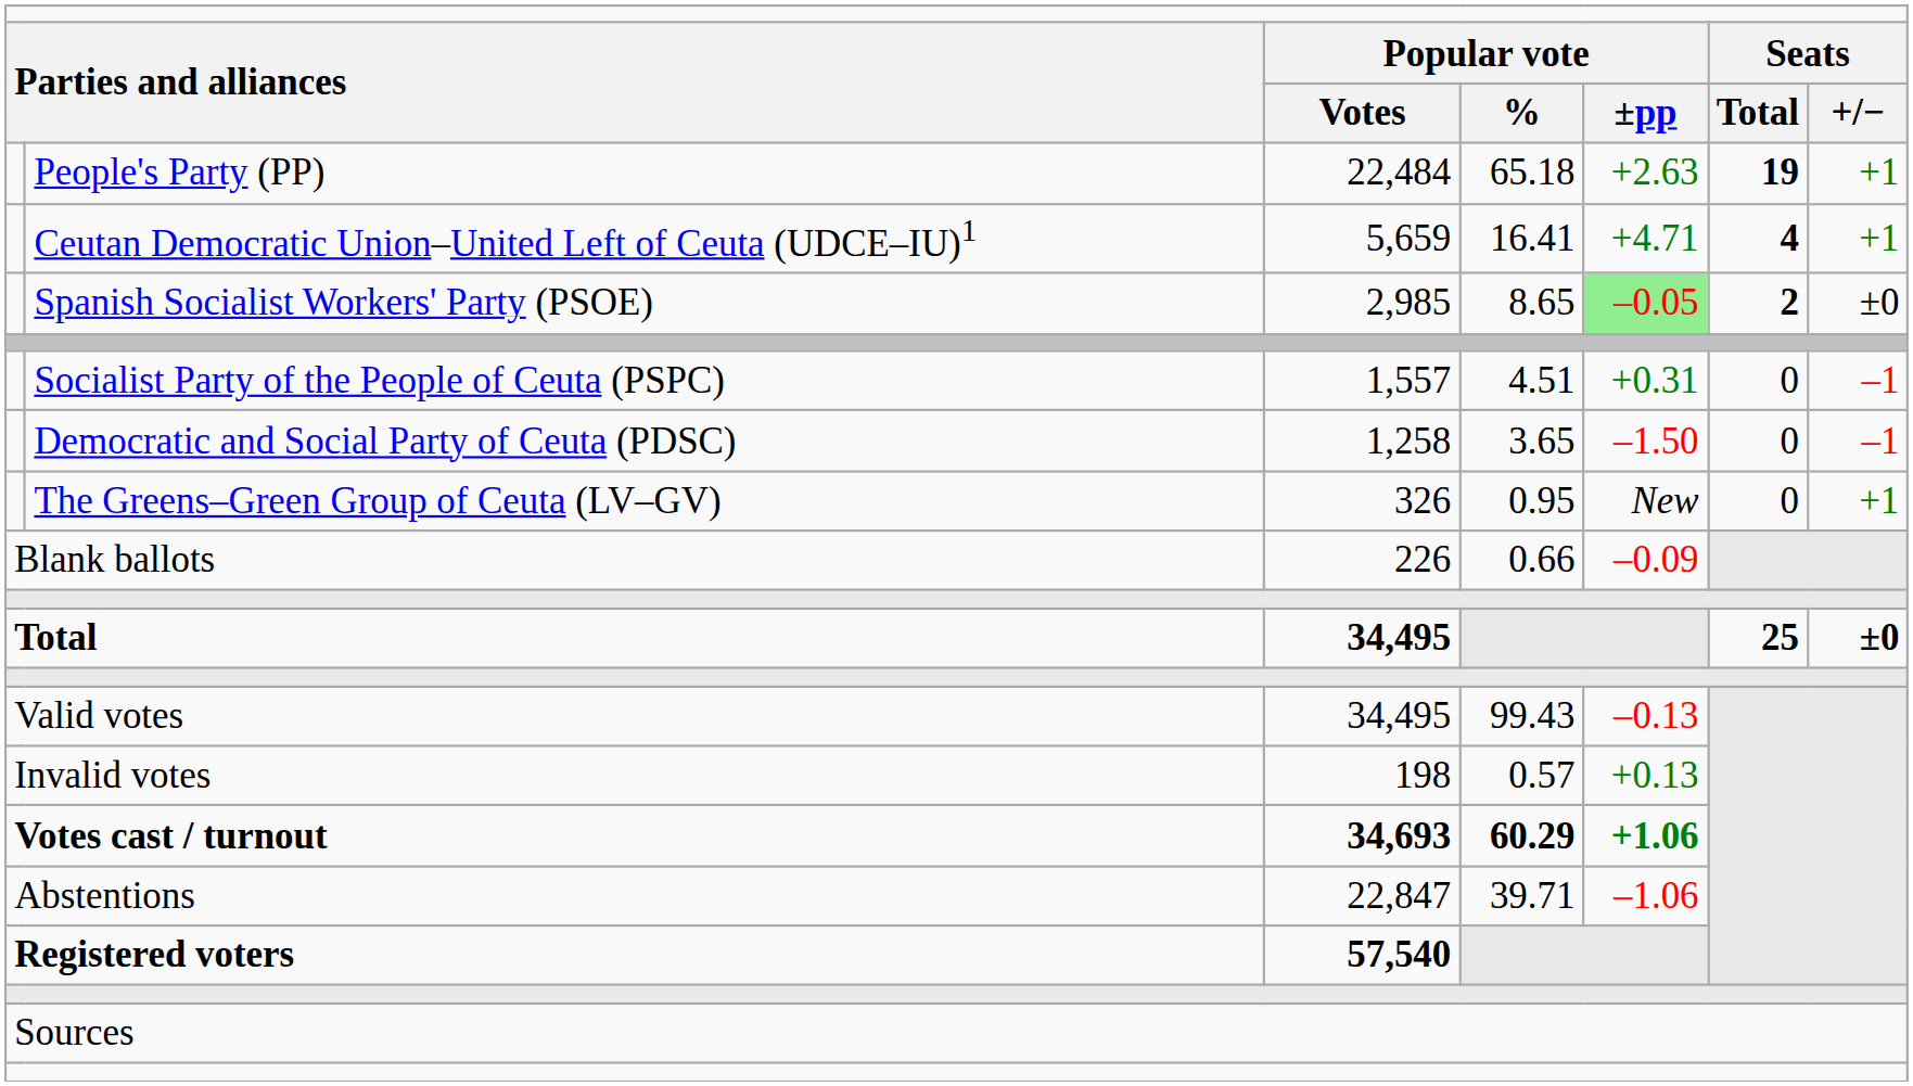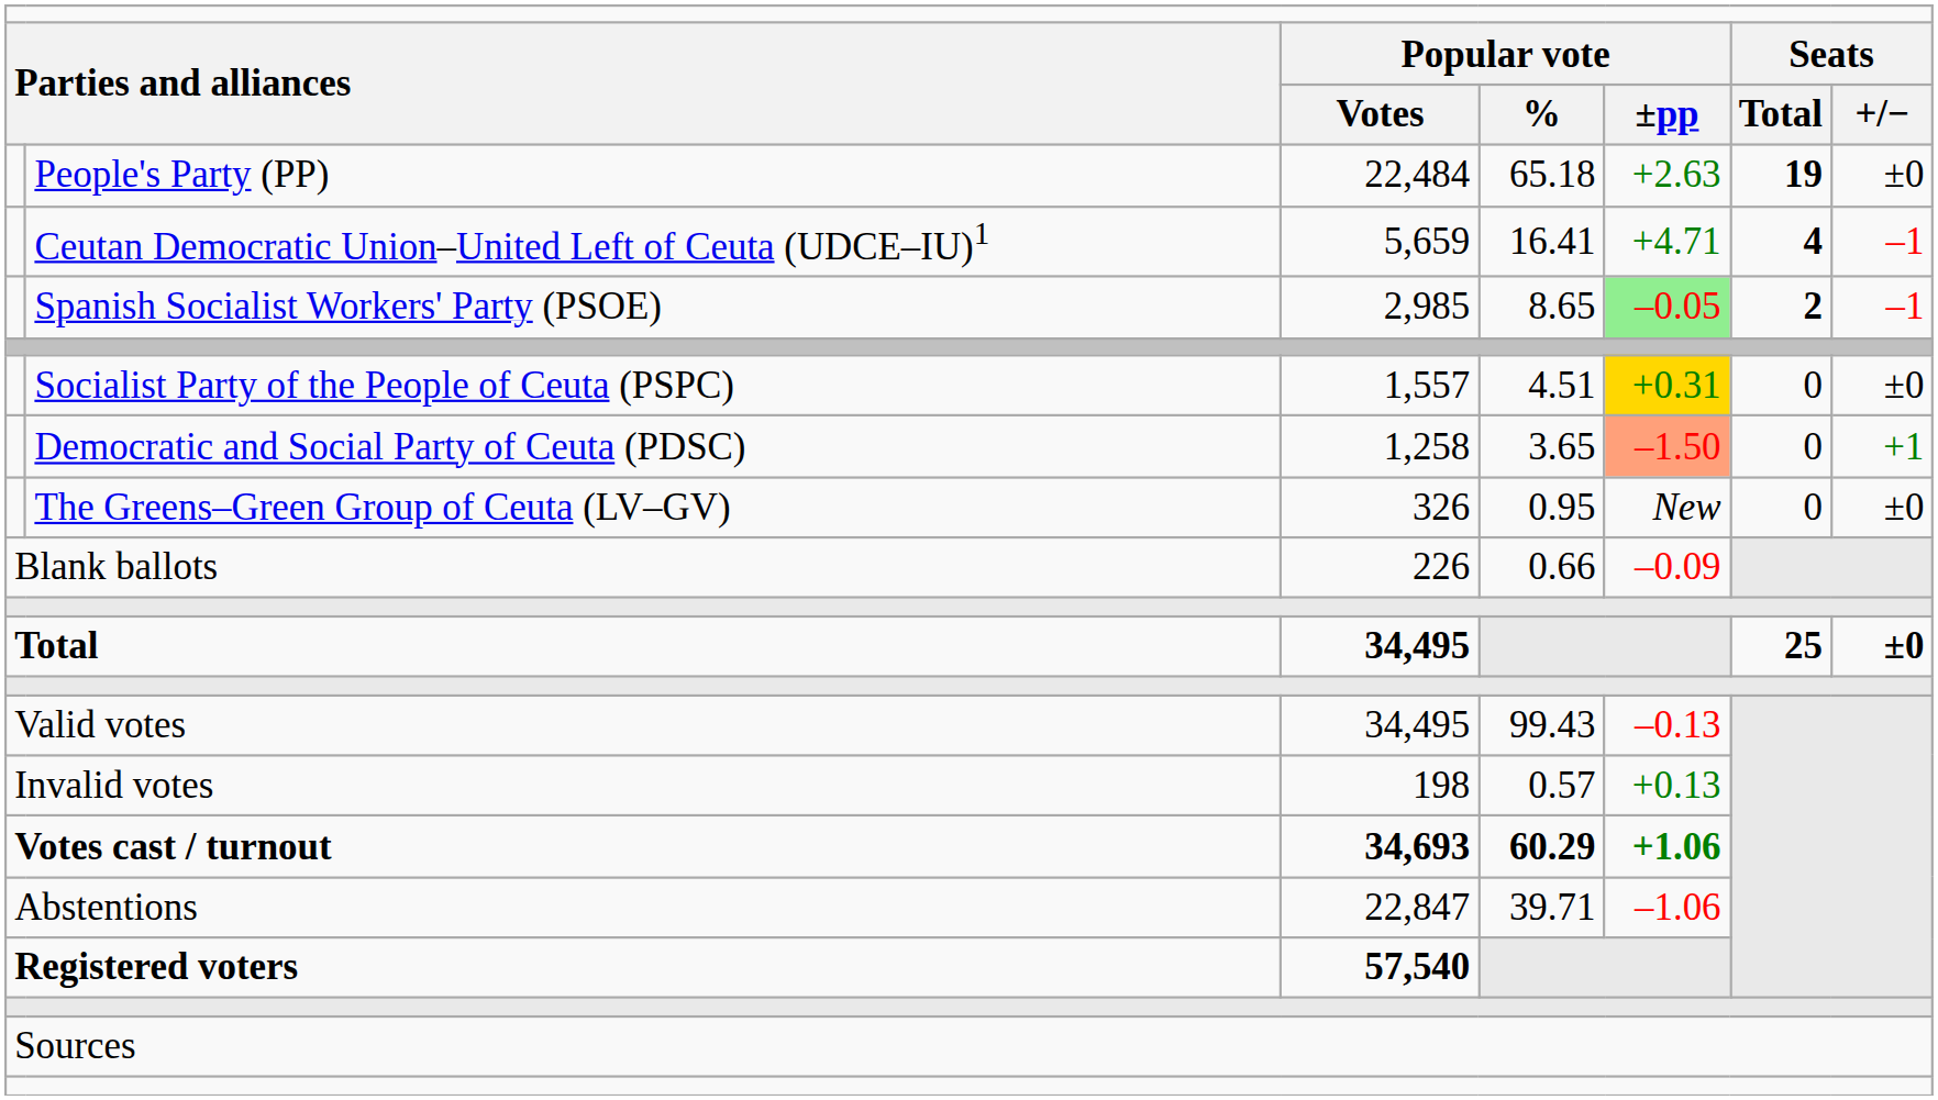 <table class="wikitable" style="text-align:right;">
 <tr>
 <td colspan="7"></td>
 </tr>
 <tr>
 <th style="text-align:left;" rowspan="2" colspan="2" width="525">Parties and alliances</th>
 <th colspan="3">Popular vote</th>
 <th colspan="2">Seats</th>
 </tr>
 <tr>
 <th width="75">Votes</th>
 <th width="45">%</th>
 <th width="45">±<a href='#'>pp</a></th>
 <th width="35">Total</th>
 <th width="35">+/−</th>
 </tr>
 <tr>
 <td width="1" style="color:inherit;background:"></td>
 <td align="left"><a href='#'>People's Party</a> (PP)</td>
 <td>22,484</td>
 <td>65.18</td>
 <td style="color:green;">+2.63</td>
 <td><strong>19</strong></td>
-<td style="color:green;">+1</td>
+<td>±0</td>
 </tr>
 <tr>
 <td style="color:inherit;background:"></td>
 <td align="left"><a href='#'>Ceutan Democratic Union</a>–<a href='#'>United Left of Ceuta</a> (UDCE–IU)<sup>1</sup></td>
 <td>5,659</td>
 <td>16.41</td>
 <td style="color:green;">+4.71</td>
 <td><strong>4</strong></td>
-<td style="color:green;">+1</td>
+<td style="color:red;">–1</td>
 </tr>
 <tr>
 <td style="color:inherit;background:"></td>
 <td align="left"><a href='#'>Spanish Socialist Workers' Party</a> (PSOE)</td>
 <td>2,985</td>
 <td>8.65</td>
 <td style="background: lightgreen; color:red;">–0.05</td>
 <td><strong>2</strong></td>
-<td>±0</td>
+<td style="color:red;">–1</td>
 </tr>
 <tr>
 <td colspan="7" bgcolor="#C0C0C0"></td>
 </tr>
 <tr>
 <td style="color:inherit;background:"></td>
 <td align="left"><a href='#'>Socialist Party of the People of Ceuta</a> (PSPC)</td>
 <td>1,557</td>
 <td>4.51</td>
-<td style="color:green;">+0.31</td>
+<td style="background: gold; color:green;">+0.31</td>
 <td>0</td>
-<td style="color:red;">–1</td>
+<td>±0</td>
 </tr>
 <tr>
 <td style="color:inherit;background:"></td>
 <td align="left"><a href='#'>Democratic and Social Party of Ceuta</a> (PDSC)</td>
 <td>1,258</td>
 <td>3.65</td>
-<td style="color:red;">–1.50</td>
+<td style="background: lightsalmon; color:red;">–1.50</td>
 <td>0</td>
-<td style="color:red;">–1</td>
+<td style="color:green;">+1</td>
 </tr>
 <tr>
 <td style="color:inherit;background:"></td>
 <td align="left"><a href='#'>The Greens–Green Group of Ceuta</a> (LV–GV)</td>
 <td>326</td>
 <td>0.95</td>
 <td><em>New</em></td>
 <td>0</td>
-<td style="color:green;">+1</td>
+<td>±0</td>
 </tr>
 <tr>
 <td align="left" colspan="2">Blank ballots</td>
 <td>226</td>
 <td>0.66</td>
 <td style="color:red;">–0.09</td>
 <td bgcolor="#E9E9E9" colspan="2"></td>
 </tr>
 <tr>
 <td colspan="7" bgcolor="#E9E9E9"></td>
 </tr>
 <tr style="font-weight:bold;">
 <td align="left" colspan="2">Total</td>
 <td>34,495</td>
 <td bgcolor="#E9E9E9" colspan="2"></td>
 <td>25</td>
 <td>±0</td>
 </tr>
 <tr>
 <td colspan="7" bgcolor="#E9E9E9"></td>
 </tr>
 <tr>
 <td align="left" colspan="2">Valid votes</td>
 <td>34,495</td>
 <td>99.43</td>
 <td style="color:red;">–0.13</td>
 <td bgcolor="#E9E9E9" colspan="2" rowspan="5"></td>
 </tr>
 <tr>
 <td align="left" colspan="2">Invalid votes</td>
 <td>198</td>
 <td>0.57</td>
 <td style="color:green;">+0.13</td>
 </tr>
 <tr style="font-weight:bold;">
 <td align="left" colspan="2">Votes cast / turnout</td>
 <td>34,693</td>
 <td>60.29</td>
 <td style="color:green;">+1.06</td>
 </tr>
 <tr>
 <td align="left" colspan="2">Abstentions</td>
 <td>22,847</td>
 <td>39.71</td>
 <td style="color:red;">–1.06</td>
 </tr>
 <tr style="font-weight:bold;">
 <td align="left" colspan="2">Registered voters</td>
 <td>57,540</td>
 <td bgcolor="#E9E9E9" colspan="2"></td>
 </tr>
 <tr>
 <td colspan="7" bgcolor="#E9E9E9"></td>
 </tr>
 <tr>
 <td align="left" colspan="7">Sources</td>
 </tr>
 <tr>
 <td colspan="7" style="text-align:left; max-width:790px;"></td>
 </tr>
 </table>
